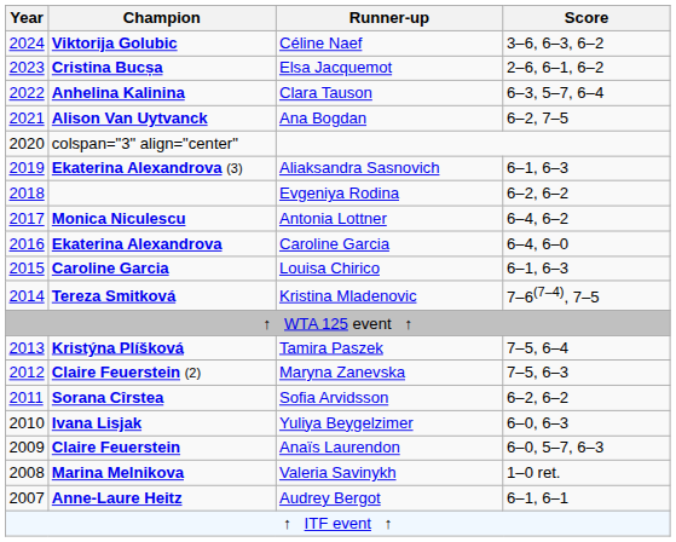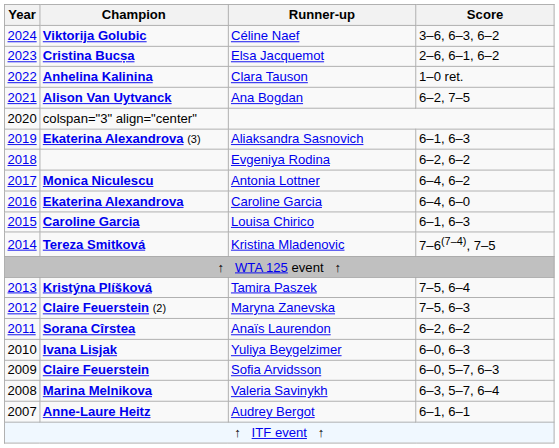 <table class="wikitable" style="font-size:90%">
 <tr>
 <th>Year</th>
 <th width="200">Champion</th>
 <th width="200">Runner-up</th>
 <th width="145">Score</th>
 </tr>
 <tr>
 <td><a href='#'>2024</a></td>
 <td> <strong><a href='#'>Viktorija Golubic</a></strong></td>
 <td> <a href='#'>Céline Naef</a></td>
 <td>3–6, 6–3, 6–2</td>
 </tr>
 <tr>
 <td><a href='#'>2023</a></td>
 <td> <strong><a href='#'>Cristina Bucșa</a></strong></td>
 <td> <a href='#'>Elsa Jacquemot</a></td>
 <td>2–6, 6–1, 6–2</td>
 </tr>
 <tr>
 <td><a href='#'>2022</a></td>
 <td> <strong><a href='#'>Anhelina Kalinina</a></strong></td>
 <td> <a href='#'>Clara Tauson</a></td>
-<td>6–3, 5–7, 6–4</td>
+<td>1–0 ret.</td>
 </tr>
 <tr>
 <td><a href='#'>2021</a></td>
 <td> <strong><a href='#'>Alison Van Uytvanck</a></strong></td>
 <td> <a href='#'>Ana Bogdan</a></td>
 <td>6–2, 7–5</td>
 </tr>
 <tr>
 <td>2020</td>
 <td>colspan="3" align="center" </td>
 </tr>
 <tr>
 <td><a href='#'>2019</a></td>
 <td> <strong><a href='#'>Ekaterina Alexandrova</a></strong> <small>(3)</small></td>
 <td> <a href='#'>Aliaksandra Sasnovich</a></td>
 <td>6–1, 6–3</td>
 </tr>
 <tr>
 <td><a href='#'>2018</a></td>
 <td></td>
 <td> <a href='#'>Evgeniya Rodina</a></td>
 <td>6–2, 6–2</td>
 </tr>
 <tr>
 <td><a href='#'>2017</a></td>
 <td> <strong><a href='#'>Monica Niculescu</a></strong></td>
 <td> <a href='#'>Antonia Lottner</a></td>
 <td>6–4, 6–2</td>
 </tr>
 <tr>
 <td><a href='#'>2016</a></td>
 <td> <strong><a href='#'>Ekaterina Alexandrova</a></strong></td>
 <td> <a href='#'>Caroline Garcia</a></td>
 <td>6–4, 6–0</td>
 </tr>
 <tr>
 <td><a href='#'>2015</a></td>
 <td> <strong><a href='#'>Caroline Garcia</a></strong></td>
 <td> <a href='#'>Louisa Chirico</a></td>
 <td>6–1, 6–3</td>
 </tr>
 <tr>
 <td><a href='#'>2014</a></td>
 <td> <strong><a href='#'>Tereza Smitková</a></strong></td>
 <td> <a href='#'>Kristina Mladenovic</a></td>
 <td>7–6<sup>(7–4)</sup>, 7–5</td>
 </tr>
 <tr style="background:silver;">
 <td colspan="5" align="center">↑   <a href='#'>WTA 125</a> event   ↑</td>
 </tr>
 <tr>
 <td><a href='#'>2013</a></td>
 <td> <strong><a href='#'>Kristýna Plíšková</a></strong></td>
 <td> <a href='#'>Tamira Paszek</a></td>
 <td>7–5, 6–4</td>
 </tr>
 <tr>
 <td><a href='#'>2012</a></td>
 <td> <strong><a href='#'>Claire Feuerstein</a></strong> <small>(2)</small></td>
 <td> <a href='#'>Maryna Zanevska</a></td>
 <td>7–5, 6–3</td>
 </tr>
 <tr>
 <td><a href='#'>2011</a></td>
 <td> <strong><a href='#'>Sorana Cîrstea</a></strong></td>
-<td> <a href='#'>Sofia Arvidsson</a></td>
+<td> <a href='#'>Anaïs Laurendon</a></td>
 <td>6–2, 6–2</td>
 </tr>
 <tr>
 <td>2010</td>
 <td> <strong><a href='#'>Ivana Lisjak</a></strong></td>
 <td> <a href='#'>Yuliya Beygelzimer</a></td>
 <td>6–0, 6–3</td>
 </tr>
 <tr>
 <td>2009</td>
 <td> <strong><a href='#'>Claire Feuerstein</a></strong></td>
-<td> <a href='#'>Anaïs Laurendon</a></td>
+<td> <a href='#'>Sofia Arvidsson</a></td>
 <td>6–0, 5–7, 6–3</td>
 </tr>
 <tr>
 <td>2008</td>
 <td> <strong><a href='#'>Marina Melnikova</a></strong></td>
 <td> <a href='#'>Valeria Savinykh</a></td>
-<td>1–0 ret.</td>
+<td>6–3, 5–7, 6–4</td>
 </tr>
 <tr>
 <td>2007</td>
 <td> <strong><a href='#'>Anne-Laure Heitz</a></strong></td>
 <td> <a href='#'>Audrey Bergot</a></td>
 <td>6–1, 6–1</td>
 </tr>
 <tr style="background:#f0f8ff;">
 <td colspan="5" align="center">↑   <a href='#'>ITF event</a>   ↑</td>
 </tr>
 </table>
